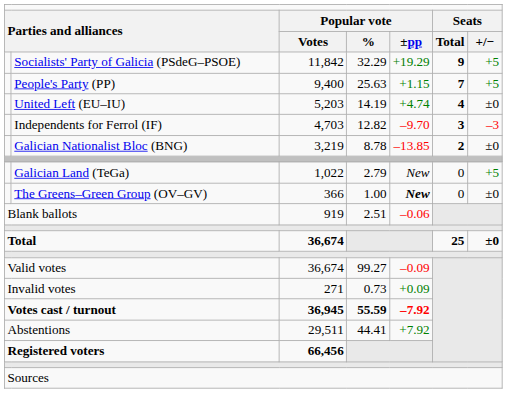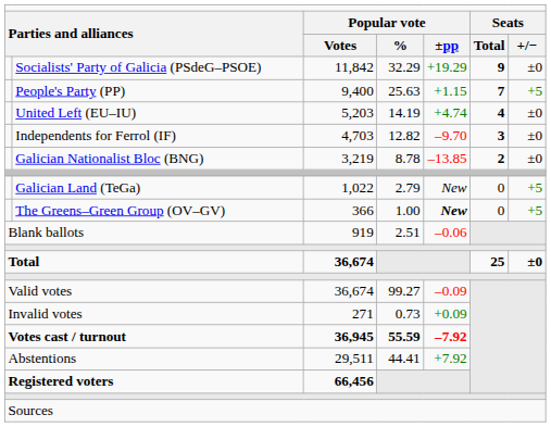 <table class="wikitable" style="text-align:right;">
 <tr>
 <td colspan="7"></td>
 </tr>
 <tr>
 <th style="text-align:left;" rowspan="2" colspan="2" width="525">Parties and alliances</th>
 <th colspan="3">Popular vote</th>
 <th colspan="2">Seats</th>
 </tr>
 <tr>
 <th width="75">Votes</th>
 <th width="45">%</th>
 <th width="45">±<a href='#'>pp</a></th>
 <th width="35">Total</th>
 <th width="35">+/−</th>
 </tr>
 <tr>
 <td width="1" style="color:inherit;background:"></td>
 <td align="left"><a href='#'>Socialists' Party of Galicia</a> (PSdeG–PSOE)</td>
 <td>11,842</td>
 <td>32.29</td>
 <td style="color:green;">+19.29</td>
 <td><strong>9</strong></td>
-<td style="color:green;">+5</td>
+<td>±0</td>
 </tr>
 <tr>
 <td style="color:inherit;background:"></td>
 <td align="left"><a href='#'>People's Party</a> (PP)</td>
 <td>9,400</td>
 <td>25.63</td>
 <td style="color:green;">+1.15</td>
 <td><strong>7</strong></td>
 <td style="color:green;">+5</td>
 </tr>
 <tr>
 <td style="color:inherit;background:"></td>
 <td align="left"><a href='#'>United Left</a> (EU–IU)</td>
 <td>5,203</td>
 <td>14.19</td>
 <td style="color:green;">+4.74</td>
 <td><strong>4</strong></td>
 <td>±0</td>
 </tr>
 <tr>
 <td style="color:inherit;background:"></td>
 <td align="left">Independents for Ferrol (IF)</td>
 <td>4,703</td>
 <td>12.82</td>
 <td style="color:red;">–9.70</td>
 <td><strong>3</strong></td>
-<td style="color:red;">–3</td>
+<td>±0</td>
 </tr>
 <tr>
 <td style="color:inherit;background:"></td>
 <td align="left"><a href='#'>Galician Nationalist Bloc</a> (BNG)</td>
 <td>3,219</td>
 <td>8.78</td>
 <td style="color:red;">–13.85</td>
 <td><strong>2</strong></td>
 <td>±0</td>
 </tr>
 <tr>
 <td colspan="7" bgcolor="#C0C0C0"></td>
 </tr>
 <tr>
 <td style="color:inherit;background:"></td>
 <td align="left"><a href='#'>Galician Land</a> (TeGa)</td>
 <td>1,022</td>
 <td>2.79</td>
 <td><em>New</em></td>
 <td>0</td>
 <td style="color:green;">+5</td>
 </tr>
 <tr>
 <td style="color:inherit;background:"></td>
 <td align="left"><a href='#'>The Greens–Green Group</a> (OV–GV)</td>
 <td>366</td>
 <td>1.00</td>
 <td><strong><em>New</em></strong></td>
 <td>0</td>
-<td>±0</td>
+<td style="color:green;">+5</td>
 </tr>
 <tr>
 <td align="left" colspan="2">Blank ballots</td>
 <td>919</td>
 <td>2.51</td>
 <td style="color:red;">–0.06</td>
 <td bgcolor="#E9E9E9" colspan="2"></td>
 </tr>
 <tr>
 <td colspan="7" bgcolor="#E9E9E9"></td>
 </tr>
 <tr style="font-weight:bold;">
 <td align="left" colspan="2">Total</td>
 <td>36,674</td>
 <td bgcolor="#E9E9E9" colspan="2"></td>
 <td>25</td>
 <td>±0</td>
 </tr>
 <tr>
 <td colspan="7" bgcolor="#E9E9E9"></td>
 </tr>
 <tr>
 <td align="left" colspan="2">Valid votes</td>
 <td>36,674</td>
 <td>99.27</td>
 <td style="color:red;">–0.09</td>
 <td bgcolor="#E9E9E9" colspan="2" rowspan="5"></td>
 </tr>
 <tr>
 <td align="left" colspan="2">Invalid votes</td>
 <td>271</td>
 <td>0.73</td>
 <td style="color:green;">+0.09</td>
 </tr>
 <tr style="font-weight:bold;">
 <td align="left" colspan="2">Votes cast / turnout</td>
 <td>36,945</td>
 <td>55.59</td>
 <td style="color:red;">–7.92</td>
 </tr>
 <tr>
 <td align="left" colspan="2">Abstentions</td>
 <td>29,511</td>
 <td>44.41</td>
 <td style="color:green;">+7.92</td>
 </tr>
 <tr style="font-weight:bold;">
 <td align="left" colspan="2">Registered voters</td>
 <td>66,456</td>
 <td bgcolor="#E9E9E9" colspan="2"></td>
 </tr>
 <tr>
 <td colspan="7" bgcolor="#E9E9E9"></td>
 </tr>
 <tr>
 <td align="left" colspan="7">Sources</td>
 </tr>
 </table>
